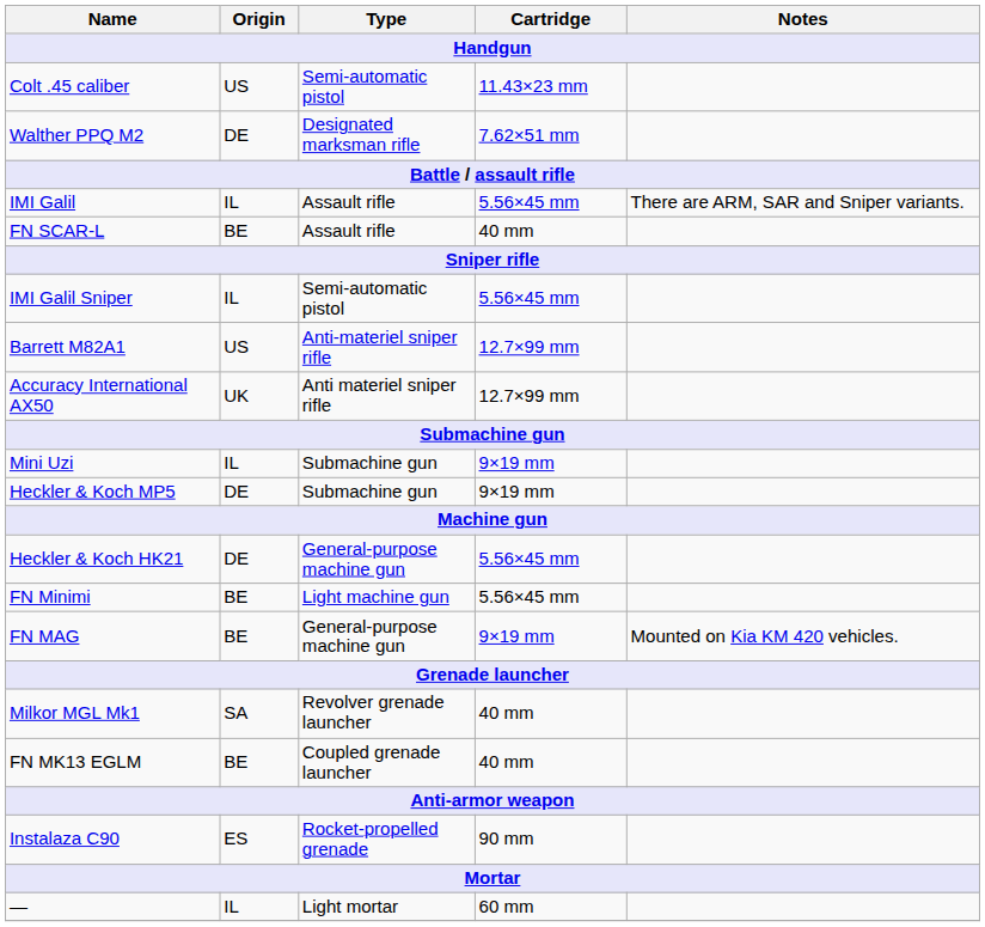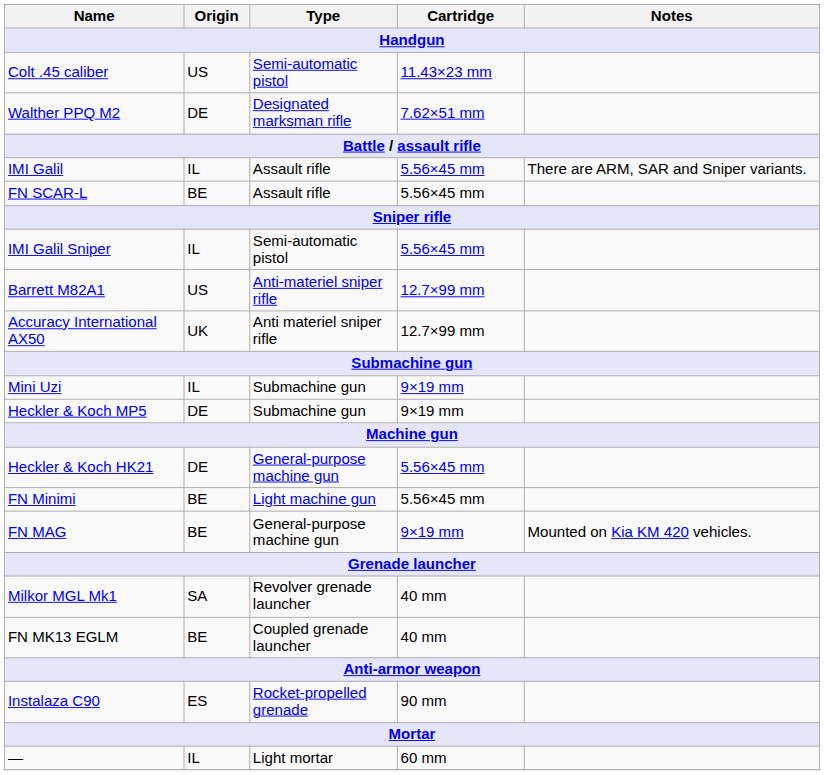 <table class="wikitable">
 <tr>
 <th width="17%">Name</th>
 <th width="6%">Origin</th>
 <th width="14%">Type</th>
 <th width="12%">Cartridge</th>
 <th width="28%">Notes</th>
 </tr>
 <tr>
 <th style="align: center; background: lavender;" colspan="7"><a href='#'>Handgun</a></th>
 </tr>
 <tr>
 <td><a href='#'>Colt .45 caliber</a></td>
 <td> US</td>
 <td><a href='#'>Semi-automatic pistol</a></td>
 <td><a href='#'>11.43×23 mm</a></td>
 <td></td>
 </tr>
 <tr>
 <td><a href='#'>Walther PPQ M2</a></td>
 <td> DE</td>
 <td><a href='#'>Designated marksman rifle</a></td>
 <td><a href='#'>7.62×51 mm</a></td>
 <td></td>
 </tr>
 <tr>
 <th style="align: center; background: lavender;" colspan="7"><a href='#'>Battle</a> / <a href='#'>assault rifle</a></th>
 </tr>
 <tr>
 <td><a href='#'>IMI Galil</a></td>
 <td> IL</td>
 <td>Assault rifle</td>
 <td><a href='#'>5.56×45 mm</a></td>
 <td>There are ARM, SAR and Sniper variants.</td>
 </tr>
 <tr>
 <td><a href='#'>FN SCAR-L</a></td>
 <td> BE</td>
 <td>Assault rifle</td>
-<td>40 mm</td>
+<td>5.56×45 mm</td>
 <td></td>
 </tr>
 <tr>
 <th style="align: center; background: lavender;" colspan="7"><a href='#'>Sniper rifle</a></th>
 </tr>
 <tr>
 <td><a href='#'>IMI Galil Sniper</a></td>
 <td> IL</td>
 <td>Semi-automatic pistol</td>
 <td><a href='#'>5.56×45 mm</a></td>
 <td></td>
 </tr>
 <tr>
 <td><a href='#'>Barrett M82A1</a></td>
 <td> US</td>
 <td><a href='#'>Anti-materiel sniper rifle</a></td>
 <td><a href='#'>12.7×99 mm</a></td>
 <td></td>
 </tr>
 <tr>
 <td><a href='#'>Accuracy International AX50</a></td>
 <td> UK</td>
 <td>Anti materiel sniper rifle</td>
 <td>12.7×99 mm</td>
 <td></td>
 </tr>
 <tr>
 <th style="align: center; background: lavender;" colspan="7"><a href='#'>Submachine gun</a></th>
 </tr>
 <tr>
 <td><a href='#'>Mini Uzi</a></td>
 <td> IL</td>
 <td>Submachine gun</td>
 <td><a href='#'>9×19 mm</a></td>
 <td></td>
 </tr>
 <tr>
 <td><a href='#'>Heckler & Koch MP5</a></td>
 <td> DE</td>
 <td>Submachine gun</td>
 <td>9×19 mm</td>
 <td></td>
 </tr>
 <tr>
 <th style="align: center; background: lavender;" colspan="7"><a href='#'>Machine gun</a></th>
 </tr>
 <tr>
 <td><a href='#'>Heckler & Koch HK21</a></td>
 <td> DE</td>
 <td><a href='#'>General-purpose machine gun</a></td>
 <td><a href='#'>5.56×45 mm</a></td>
 <td></td>
 </tr>
 <tr>
 <td><a href='#'>FN Minimi</a></td>
 <td> BE</td>
 <td><a href='#'>Light machine gun</a></td>
 <td>5.56×45 mm</td>
 <td></td>
 </tr>
 <tr>
 <td><a href='#'>FN MAG</a></td>
 <td> BE</td>
 <td>General-purpose machine gun</td>
 <td><a href='#'>9×19 mm</a></td>
 <td>Mounted on <a href='#'>Kia KM 420</a> vehicles.</td>
 </tr>
 <tr>
 <th style="align: center; background: lavender;" colspan="7"><a href='#'>Grenade launcher</a></th>
 </tr>
 <tr>
 <td><a href='#'>Milkor MGL Mk1</a></td>
 <td> SA</td>
 <td>Revolver grenade launcher</td>
 <td>40 mm</td>
 <td></td>
 </tr>
 <tr>
 <td>FN MK13 EGLM</td>
 <td> BE</td>
 <td>Coupled grenade launcher</td>
 <td>40 mm</td>
 <td></td>
 </tr>
 <tr>
 <th style="align: center; background: lavender;" colspan="7"><a href='#'>Anti-armor weapon</a></th>
 </tr>
 <tr>
 <td><a href='#'>Instalaza C90</a></td>
 <td> ES</td>
 <td><a href='#'>Rocket-propelled grenade</a></td>
 <td>90 mm</td>
 <td></td>
 </tr>
 <tr>
 <th style="align: center; background: lavender;" colspan="7"><a href='#'>Mortar</a></th>
 </tr>
 <tr>
 <td>—</td>
 <td> IL</td>
 <td>Light mortar</td>
 <td>60 mm</td>
 <td></td>
 </tr>
 <tr>
 </tr>
 </table>
